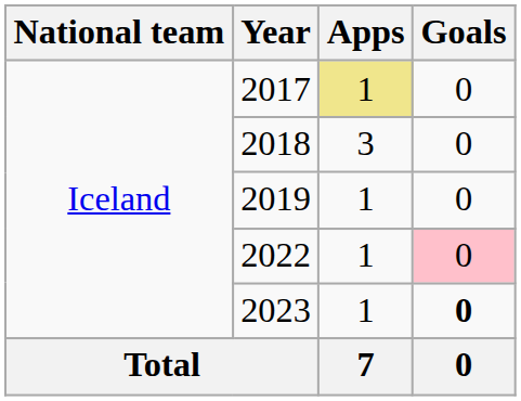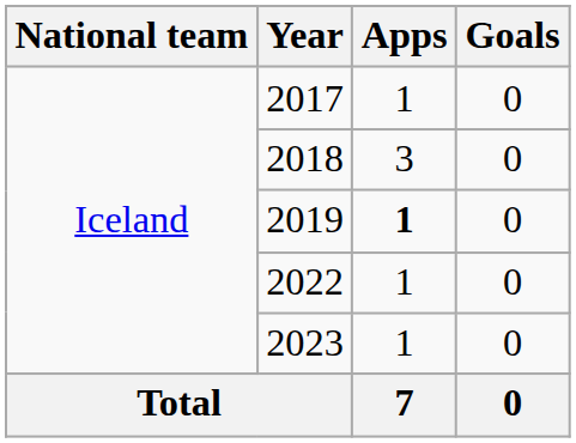 <table class="wikitable" style="text-align:center">
 <tr>
 <th>National team</th>
 <th>Year</th>
 <th>Apps</th>
 <th>Goals</th>
 </tr>
 <tr>
 <td rowspan="5"><a href='#'>Iceland</a></td>
 <td>2017</td>
-<td style="background: khaki;">1</td>
+<td>1</td>
 <td>0</td>
 </tr>
 <tr>
 <td>2018</td>
 <td>3</td>
 <td>0</td>
 </tr>
 <tr>
 <td>2019</td>
-<td>1</td>
+<td><strong>1</strong></td>
 <td>0</td>
 </tr>
 <tr>
 <td>2022</td>
 <td>1</td>
-<td style="background: pink;">0</td>
+<td>0</td>
 </tr>
 <tr>
 <td>2023</td>
 <td>1</td>
-<td><strong>0</strong></td>
+<td>0</td>
 </tr>
 <tr>
 <th colspan="2">Total</th>
 <th>7</th>
 <th>0</th>
 </tr>
 </table>
